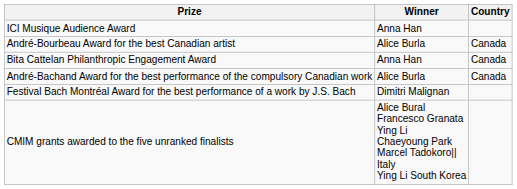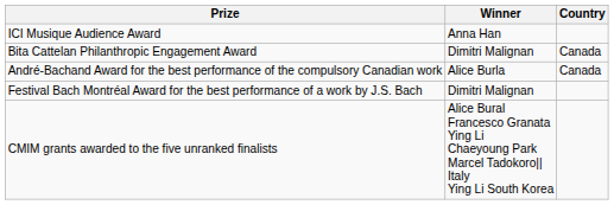 <table class="wikitable">
 <tr>
 <th>Prize</th>
 <th>Winner</th>
 <th>Country</th>
 </tr>
 <tr>
 <td>ICI Musique Audience Award</td>
 <td>Anna Han</td>
 <td></td>
 </tr>
 <tr>
-<td>André-Bourbeau Award for the best Canadian artist</td>
-<td>Alice Burla</td>
-<td> Canada</td>
-</tr>
-<tr>
 <td>Bita Cattelan Philanthropic Engagement Award</td>
-<td>Anna Han</td>
+<td>Dimitri Malignan</td>
 <td> Canada</td>
 </tr>
 <tr>
 <td>André-Bachand Award for the best performance of the compulsory Canadian work</td>
 <td>Alice Burla</td>
 <td> Canada</td>
 </tr>
 <tr>
 <td>Festival Bach Montréal Award for the best performance of a work by J.S. Bach</td>
 <td>Dimitri Malignan</td>
 <td></td>
 </tr>
 <tr>
 <td>CMIM grants awarded to the five unranked finalists</td>
 <td>Alice Bural<br>Francesco Granata<br>Ying Li<br>Chaeyoung Park<br>Marcel Tadokoro||<br> Italy<br> Ying Li  South Korea<br></td>
 </tr>
 </table>
